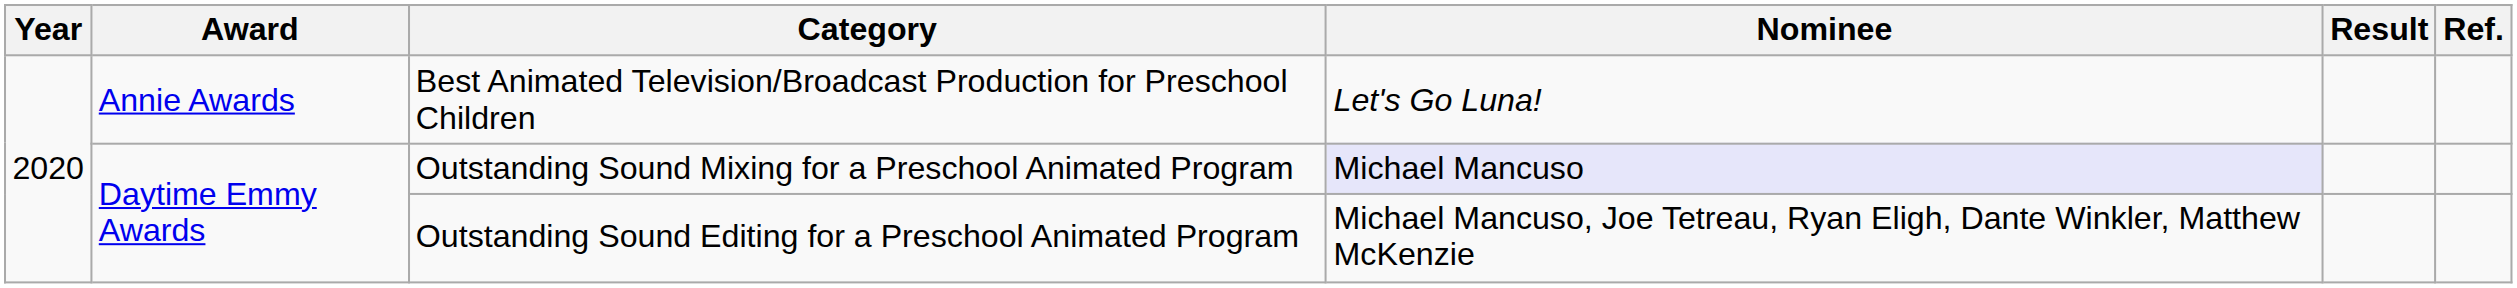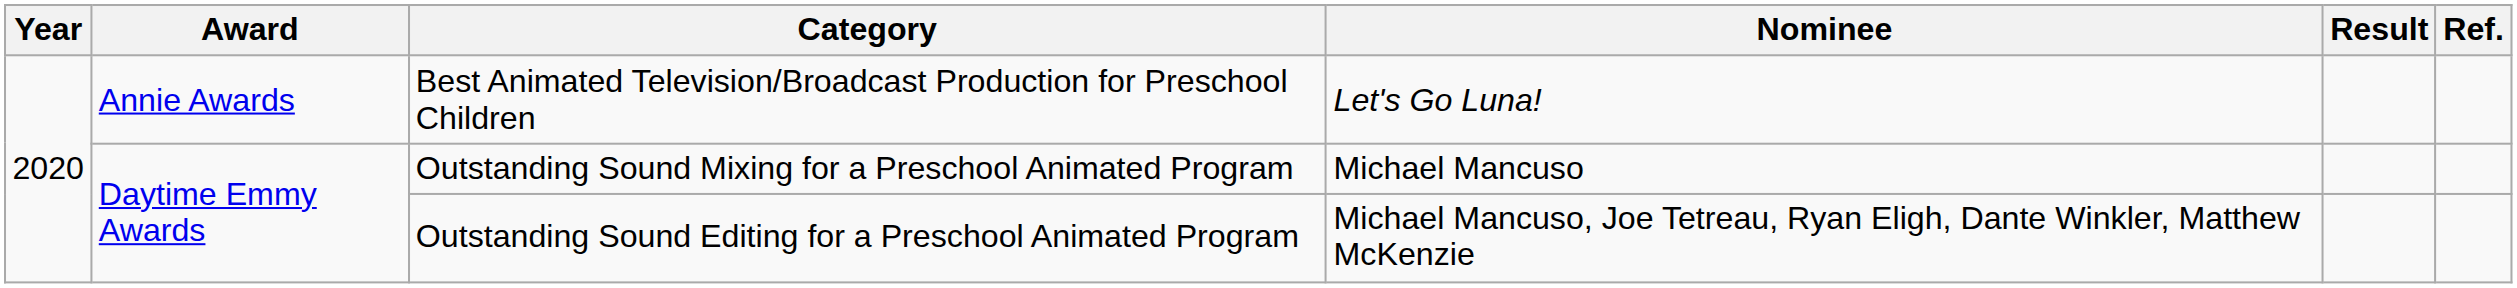 <table class="wikitable sortable">
 <tr>
 <th>Year</th>
 <th>Award</th>
 <th>Category</th>
 <th>Nominee</th>
 <th>Result</th>
 <th class="unsortable">Ref.</th>
 </tr>
 <tr>
 <td rowspan=3>2020</td>
 <td><a href='#'>Annie Awards</a></td>
 <td>Best Animated Television/Broadcast Production for Preschool Children</td>
 <td><em>Let's Go Luna!</em></td>
 <td></td>
 <td></td>
 </tr>
 <tr>
 <td rowspan=2><a href='#'>Daytime Emmy Awards</a></td>
 <td>Outstanding Sound Mixing for a Preschool Animated Program</td>
-<td style="background: lavender;">Michael Mancuso</td>
+<td>Michael Mancuso</td>
 <td></td>
 <td></td>
 </tr>
 <tr>
 <td>Outstanding Sound Editing for a Preschool Animated Program</td>
 <td>Michael Mancuso, Joe Tetreau, Ryan Eligh, Dante Winkler, Matthew McKenzie</td>
 <td></td>
 <td></td>
 </tr>
 </table>
